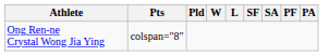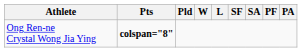 <table class=wikitable style="text-align:center">
 <tr>
 <th width="175">Athlete</th>
 <th width="20">Pts</th>
 <th width="20">Pld</th>
 <th width="20">W</th>
 <th width="20">L</th>
 <th width="20">SF</th>
 <th width="20">SA</th>
 <th width="20">PF</th>
 <th width="20">PA</th>
 </tr>
 <tr>
 <td style="text-align:left"> <a href='#'>Ong Ren-ne</a> <br>  <a href='#'>Crystal Wong Jia Ying</a></td>
-<td>colspan="8" </td>
+<td><strong>colspan="8" </strong></td>
 </tr>
 </table>
